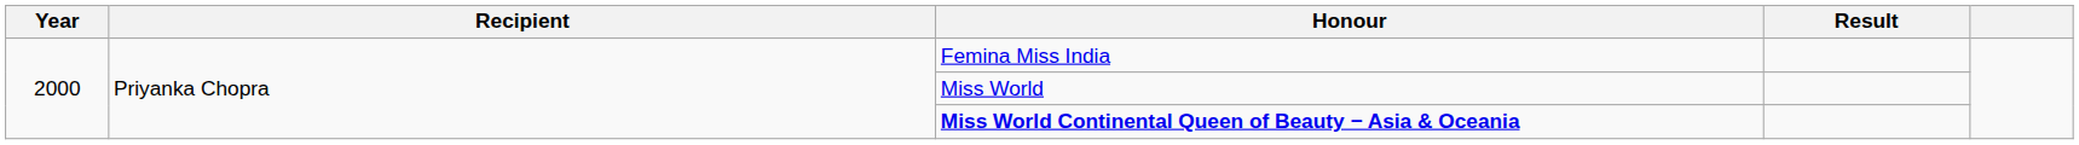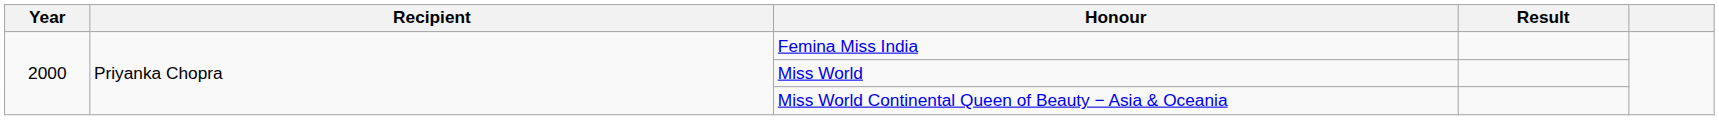 <table class="wikitable sortable" width=100%>
 <tr>
 <th width=5%>Year</th>
 <th width=40%>Recipient</th>
 <th width=40%>Honour</th>
 <th width=10%>Result</th>
 <th width=5%></th>
 </tr>
 <tr>
 <td rowspan="3" style="text-align:center;">2000</td>
 <td rowspan="3">Priyanka Chopra</td>
 <td><a href='#'>Femina Miss India</a></td>
 <td></td>
 <td rowspan="3" style="text-align:center;"></td>
 </tr>
 <tr>
 <td><a href='#'>Miss World</a></td>
 <td></td>
 </tr>
 <tr>
-<td><strong><a href='#'>Miss World Continental Queen of Beauty − Asia & Oceania</a></strong></td>
+<td><a href='#'>Miss World Continental Queen of Beauty − Asia & Oceania</a></td>
 <td></td>
 </tr>
 </table>
